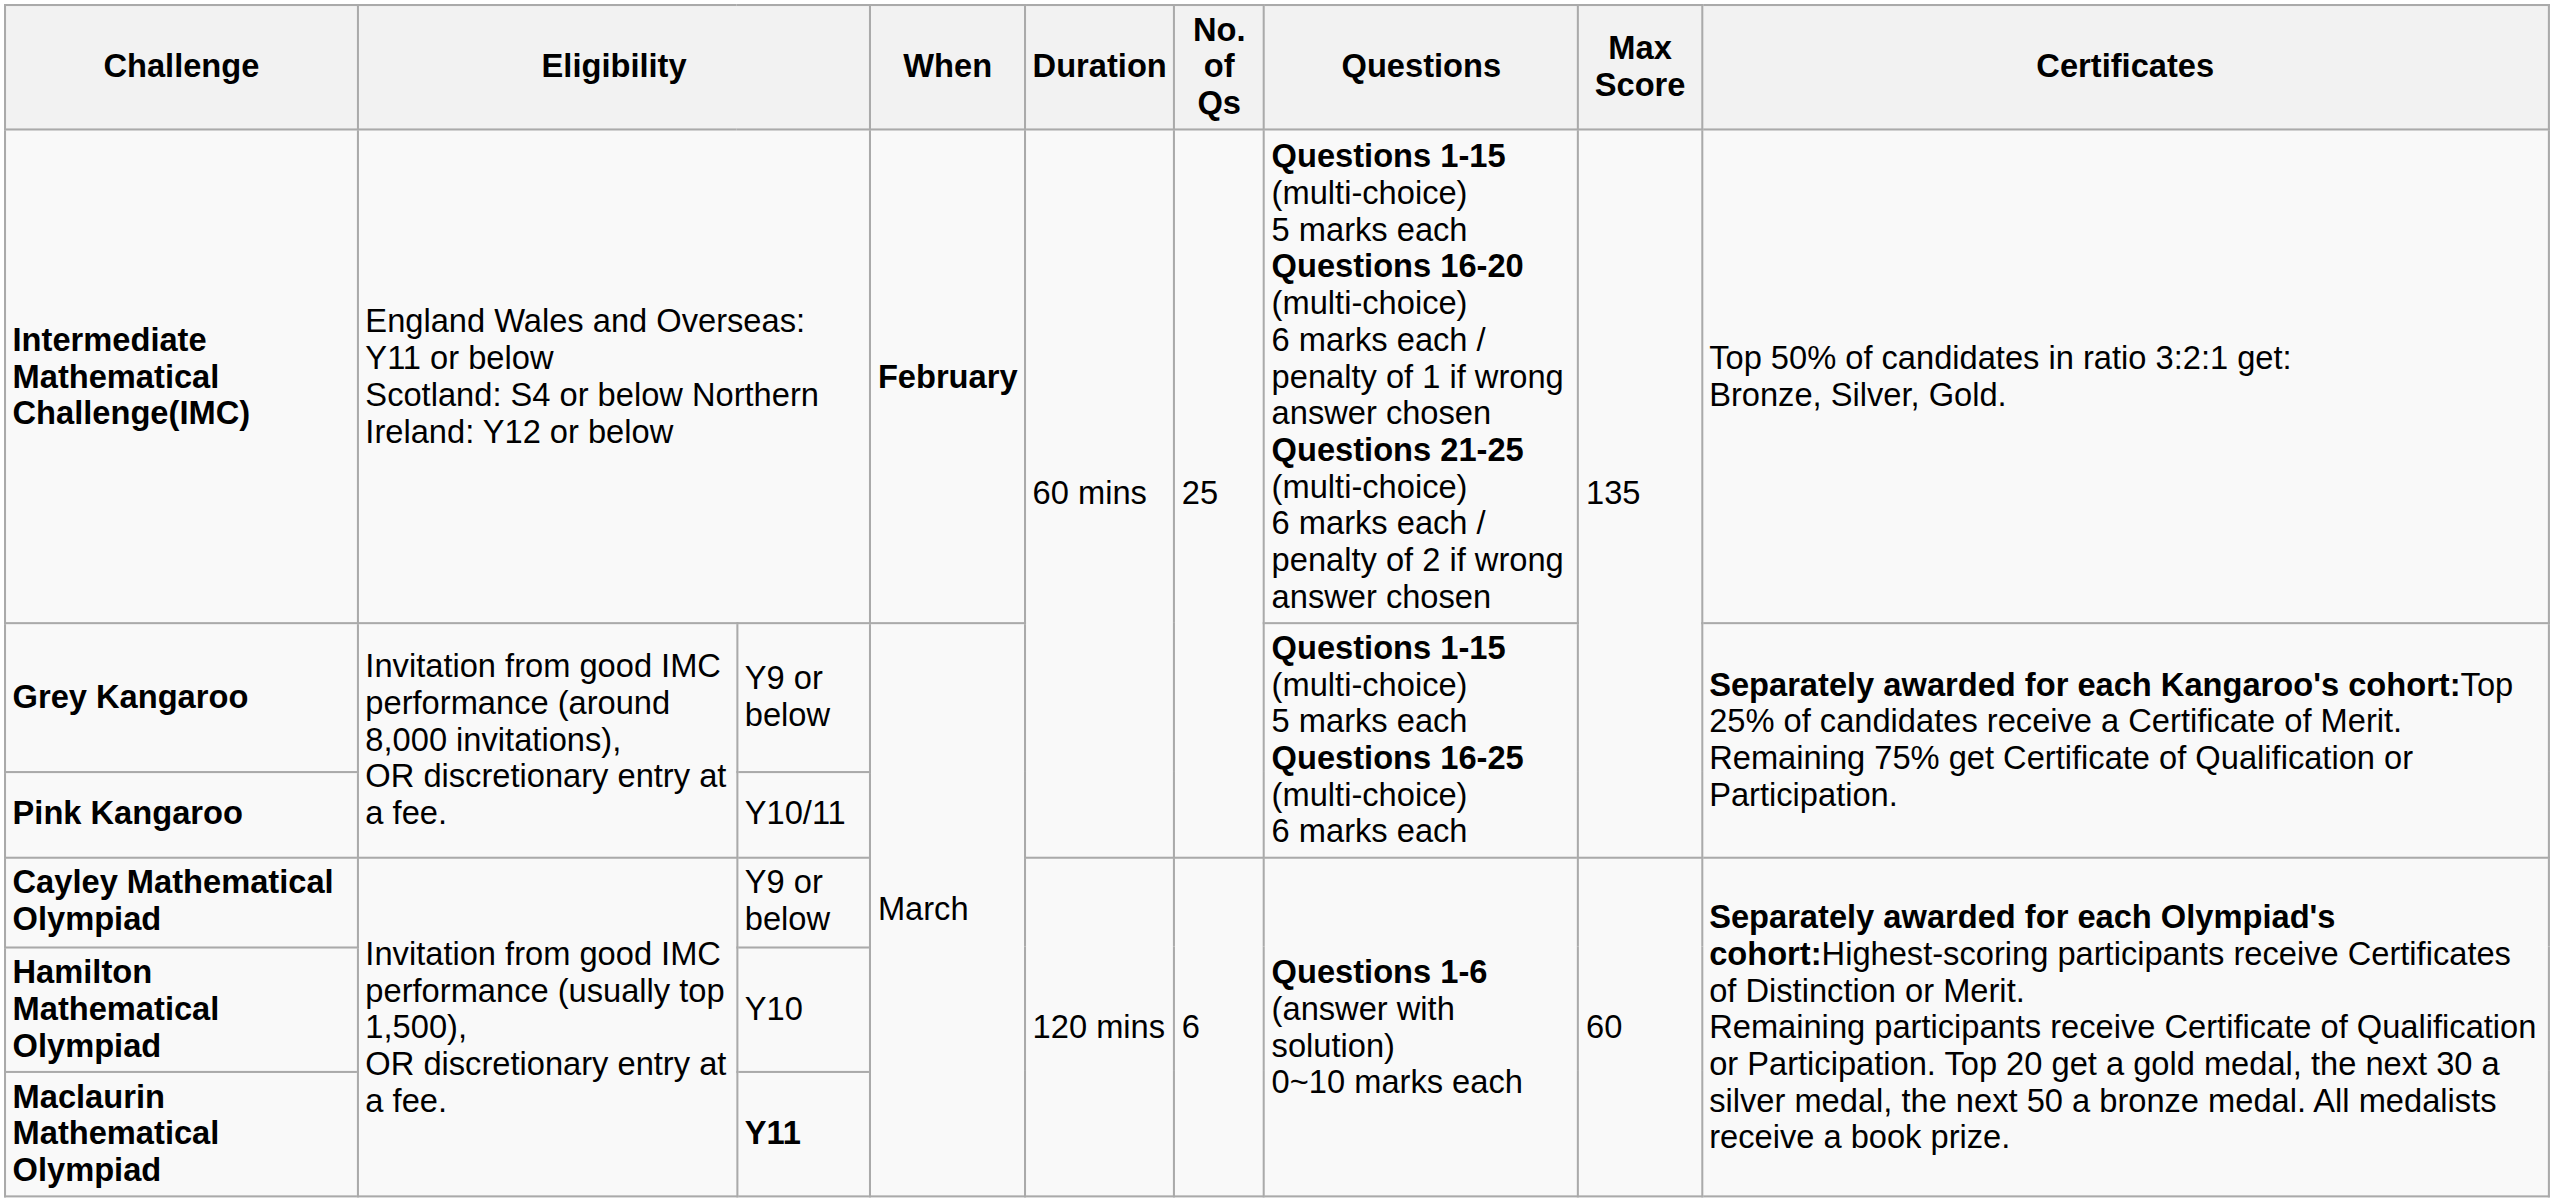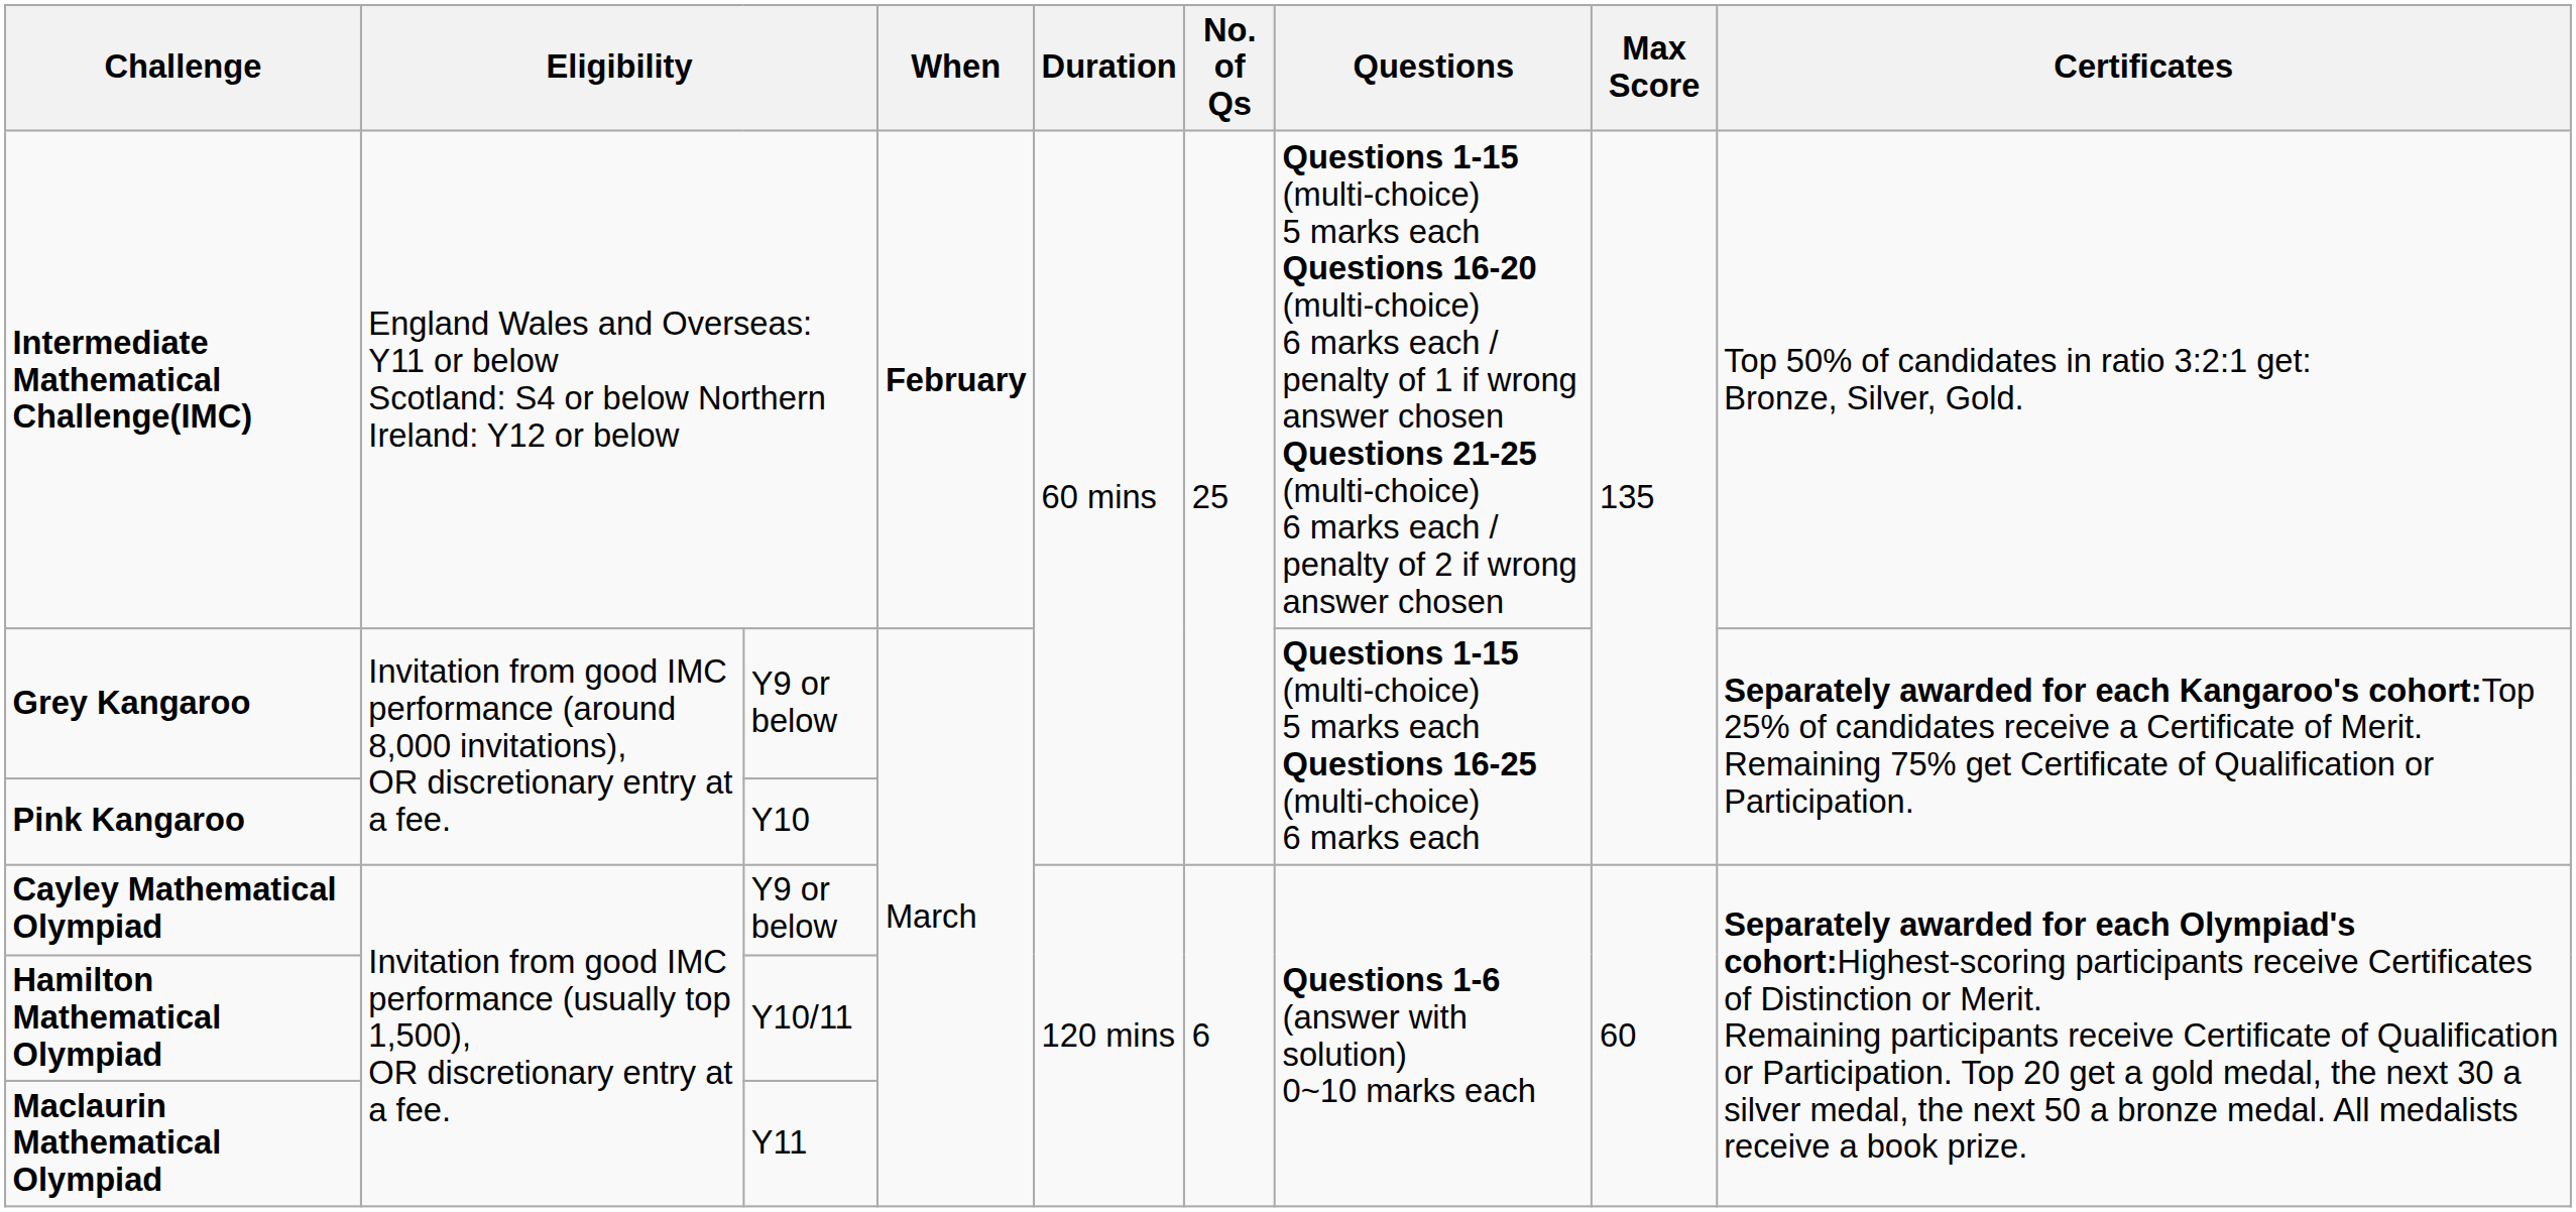 <table class="wikitable mw-collapsible">
 <tr>
 <th>Challenge</th>
 <th colspan="2">Eligibility</th>
 <th>When</th>
 <th>Duration</th>
 <th>No. of Qs</th>
 <th>Questions</th>
 <th>Max Score</th>
 <th>Certificates</th>
 </tr>
 <tr>
 <td><strong>Intermediate Mathematical Challenge(IMC)</strong></td>
 <td colspan="2">England Wales and Overseas: Y11 or below<br>Scotland: S4 or below Northern Ireland: Y12 or below</td>
 <td><strong>February</strong></td>
 <td rowspan="3">60 mins</td>
 <td rowspan="3">25</td>
 <td><strong>Questions 1-15</strong> (multi-choice)<br>5 marks each<br><strong>Questions 16-20</strong> (multi-choice)<br>6 marks each / penalty of 1 if wrong answer chosen<br><strong>Questions 21-25</strong> (multi-choice)<br>6 marks each / penalty of 2 if wrong answer chosen</td>
 <td rowspan="3">135</td>
 <td>Top 50% of candidates in ratio 3:2:1 get:<br>Bronze, Silver, Gold.</td>
 </tr>
 <tr>
 <td><strong>Grey Kangaroo</strong></td>
 <td rowspan="2">Invitation from good IMC performance (around 8,000 invitations),<br>OR discretionary entry at a fee.</td>
 <td>Y9 or below</td>
 <td rowspan="5">March</td>
 <td rowspan="2"><strong>Questions 1-15</strong> (multi-choice)<br>5 marks each<br><strong>Questions 16-25</strong> (multi-choice)<br>6 marks each</td>
 <td rowspan="2"><strong>Separately awarded for each Kangaroo's cohort:</strong>Top 25% of candidates receive a Certificate of Merit.<br>Remaining 75% get Certificate of Qualification or Participation.</td>
 </tr>
 <tr>
 <td><strong>Pink Kangaroo</strong></td>
-<td>Y10/11</td>
+<td>Y10</td>
 </tr>
 <tr>
 <td><strong>Cayley Mathematical Olympiad</strong></td>
 <td rowspan="3">Invitation from good IMC performance (usually top 1,500),<br>OR discretionary entry at a fee.</td>
 <td>Y9 or below</td>
 <td rowspan="3">120 mins</td>
 <td rowspan="3">6</td>
 <td rowspan="3"><strong>Questions 1-6</strong> (answer with solution)<br>0~10 marks each</td>
 <td rowspan="3">60</td>
 <td rowspan="3"><strong>Separately awarded for each Olympiad's cohort:</strong>Highest-scoring participants receive Certificates of Distinction or Merit.<br>Remaining participants receive Certificate of Qualification or Participation. Top 20 get a gold medal, the next 30 a silver medal, the next 50 a bronze medal.  All medalists receive a book prize.</td>
 </tr>
 <tr>
 <td><strong>Hamilton Mathematical Olympiad</strong></td>
-<td>Y10</td>
+<td>Y10/11</td>
 </tr>
 <tr>
 <td><strong>Maclaurin Mathematical Olympiad</strong></td>
-<td><strong>Y11</strong></td>
+<td>Y11</td>
 </tr>
 </table>
